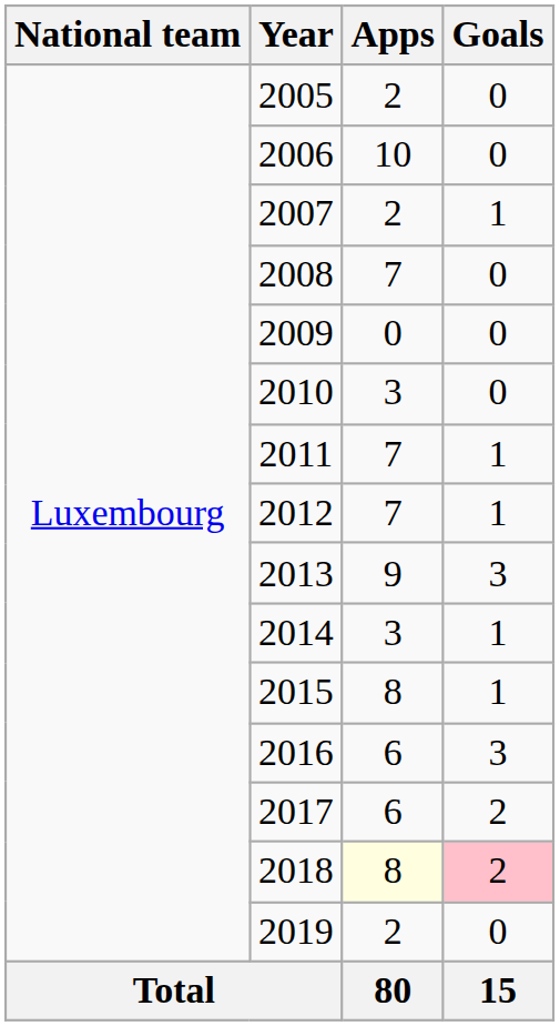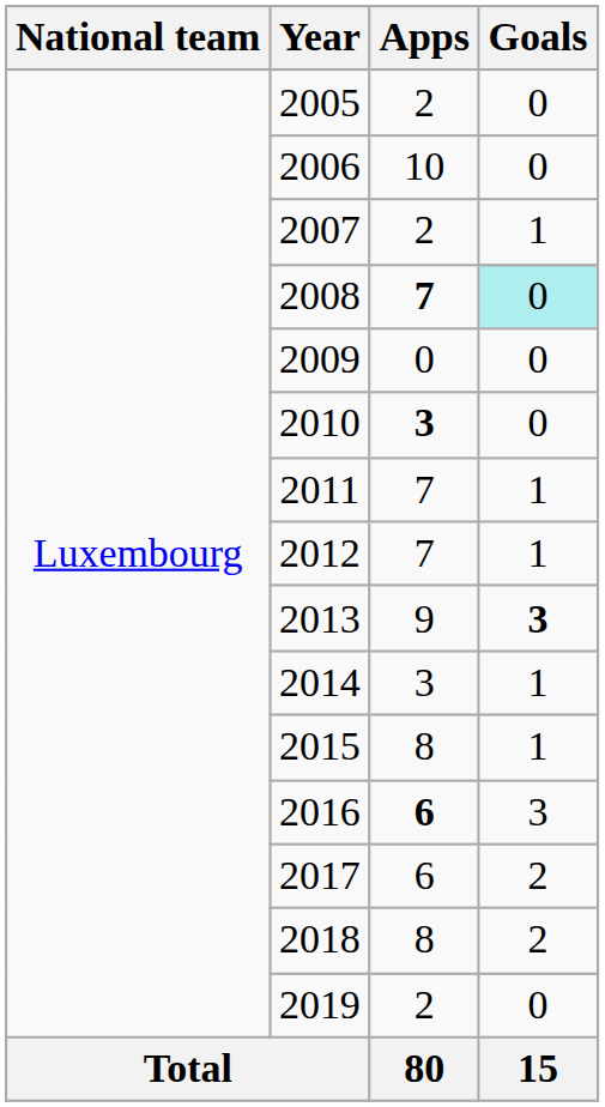 <table class="wikitable" style="text-align:center">
 <tr>
 <th>National team</th>
 <th>Year</th>
 <th>Apps</th>
 <th>Goals</th>
 </tr>
 <tr>
 <td rowspan="15"><a href='#'>Luxembourg</a></td>
 <td>2005</td>
 <td>2</td>
 <td>0</td>
 </tr>
 <tr>
 <td>2006</td>
 <td>10</td>
 <td>0</td>
 </tr>
 <tr>
 <td>2007</td>
 <td>2</td>
 <td>1</td>
 </tr>
 <tr>
 <td>2008</td>
-<td>7</td>
-<td>0</td>
+<td><strong>7</strong></td>
+<td style="background: paleturquoise;">0</td>
 </tr>
 <tr>
 <td>2009</td>
 <td>0</td>
 <td>0</td>
 </tr>
 <tr>
 <td>2010</td>
-<td>3</td>
+<td><strong>3</strong></td>
 <td>0</td>
 </tr>
 <tr>
 <td>2011</td>
 <td>7</td>
 <td>1</td>
 </tr>
 <tr>
 <td>2012</td>
 <td>7</td>
 <td>1</td>
 </tr>
 <tr>
 <td>2013</td>
 <td>9</td>
-<td>3</td>
+<td><strong>3</strong></td>
 </tr>
 <tr>
 <td>2014</td>
 <td>3</td>
 <td>1</td>
 </tr>
 <tr>
 <td>2015</td>
 <td>8</td>
 <td>1</td>
 </tr>
 <tr>
 <td>2016</td>
-<td>6</td>
+<td><strong>6</strong></td>
 <td>3</td>
 </tr>
 <tr>
 <td>2017</td>
 <td>6</td>
 <td>2</td>
 </tr>
 <tr>
 <td>2018</td>
-<td style="background: lightyellow;">8</td>
-<td style="background: pink;">2</td>
+<td>8</td>
+<td>2</td>
 </tr>
 <tr>
 <td>2019</td>
 <td>2</td>
 <td>0</td>
 </tr>
 <tr>
 <th colspan="2">Total</th>
 <th>80</th>
 <th>15</th>
 </tr>
 </table>
